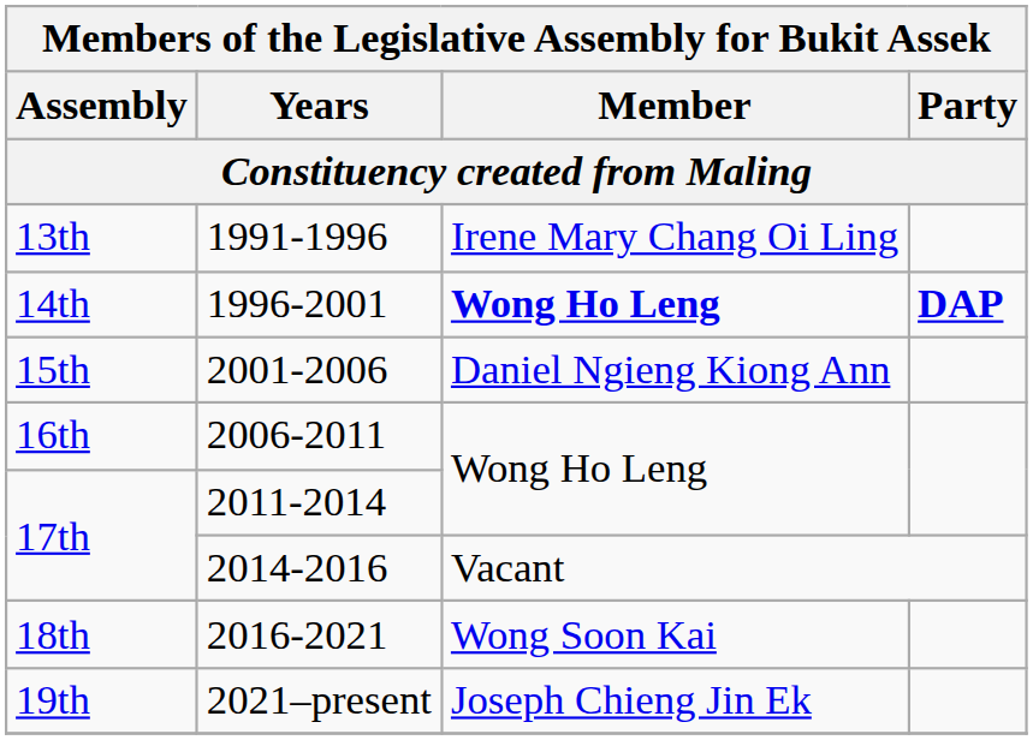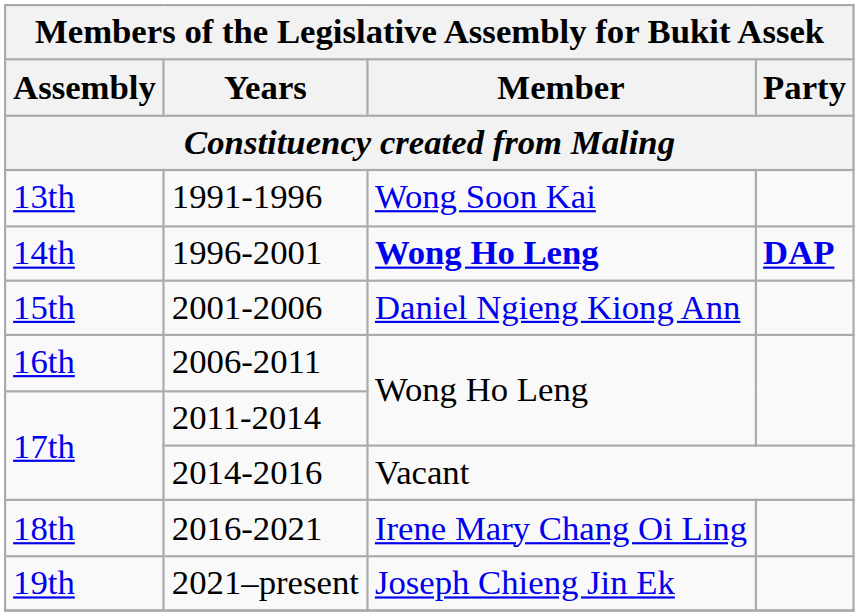 <table class=wikitable>
 <tr>
 <th colspan="4">Members of the Legislative Assembly for Bukit Assek</th>
 </tr>
 <tr>
 <th>Assembly</th>
 <th>Years</th>
 <th>Member</th>
 <th>Party</th>
 </tr>
 <tr>
 <th colspan=4 align=center><em>Constituency created from Maling</em></th>
 </tr>
 <tr>
 <td><a href='#'>13th</a></td>
 <td>1991-1996</td>
-<td><a href='#'>Irene Mary Chang Oi Ling</a></td>
+<td><a href='#'>Wong Soon Kai</a></td>
 <td bgcolor=></td>
 </tr>
 <tr>
 <td><a href='#'>14th</a></td>
 <td>1996-2001</td>
 <td><strong><a href='#'>Wong Ho Leng</a></strong></td>
 <td bgcolor=><a href='#'><strong>DAP</strong></a></td>
 </tr>
 <tr>
 <td><a href='#'>15th</a></td>
 <td>2001-2006</td>
 <td><a href='#'>Daniel Ngieng Kiong Ann</a></td>
 <td bgcolor=></td>
 </tr>
 <tr>
 <td><a href='#'>16th</a></td>
 <td>2006-2011</td>
 <td rowspan=2>Wong Ho Leng</td>
 <td rowspan=2></td>
 </tr>
 <tr>
 <td rowspan=2><a href='#'>17th</a></td>
 <td>2011-2014</td>
 </tr>
 <tr>
 <td>2014-2016</td>
 <td colspan="2">Vacant</td>
 </tr>
 <tr>
 <td><a href='#'>18th</a></td>
 <td>2016-2021</td>
-<td><a href='#'>Wong Soon Kai</a></td>
+<td><a href='#'>Irene Mary Chang Oi Ling</a></td>
 <td></td>
 </tr>
 <tr>
 <td><a href='#'>19th</a></td>
 <td>2021–present</td>
 <td><a href='#'>Joseph Chieng Jin Ek</a></td>
 <td bgcolor=></td>
 </tr>
 <tr>
 </tr>
 </table>
